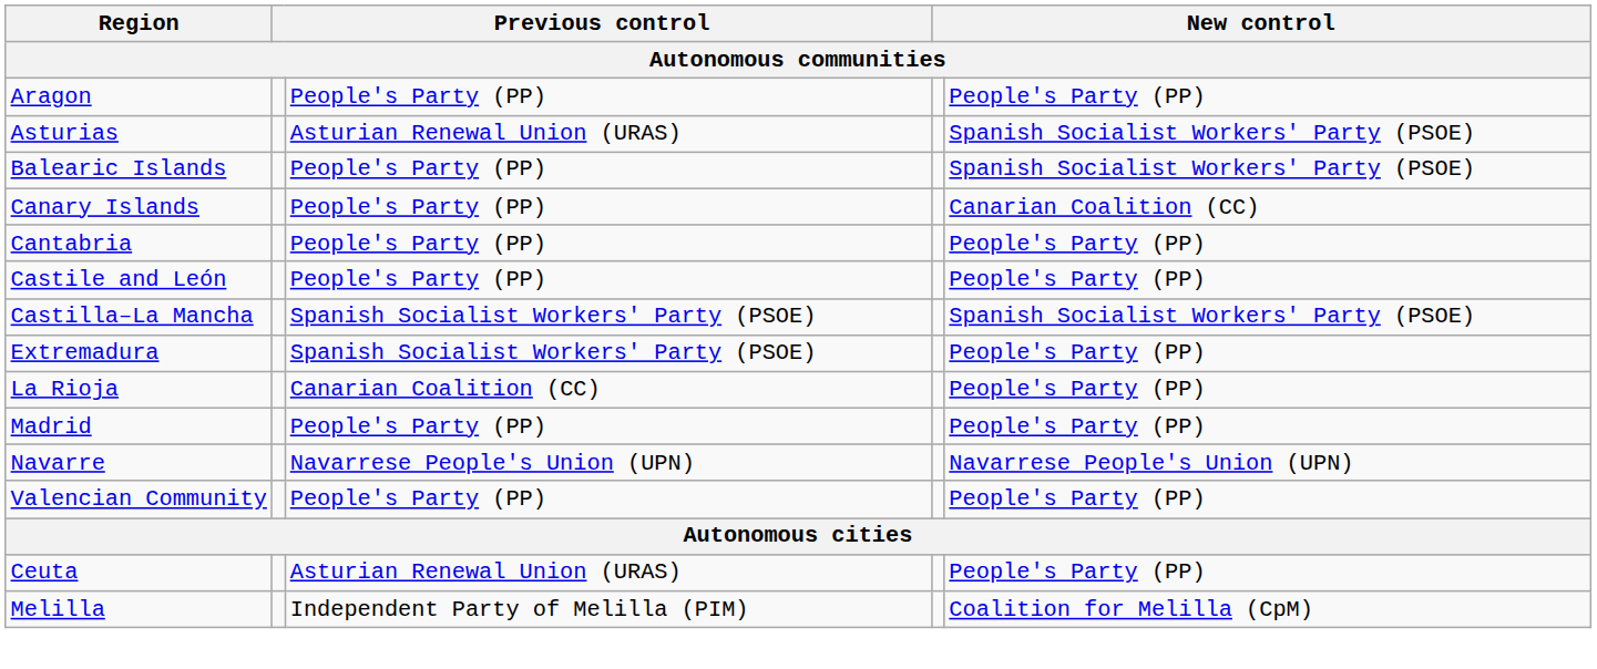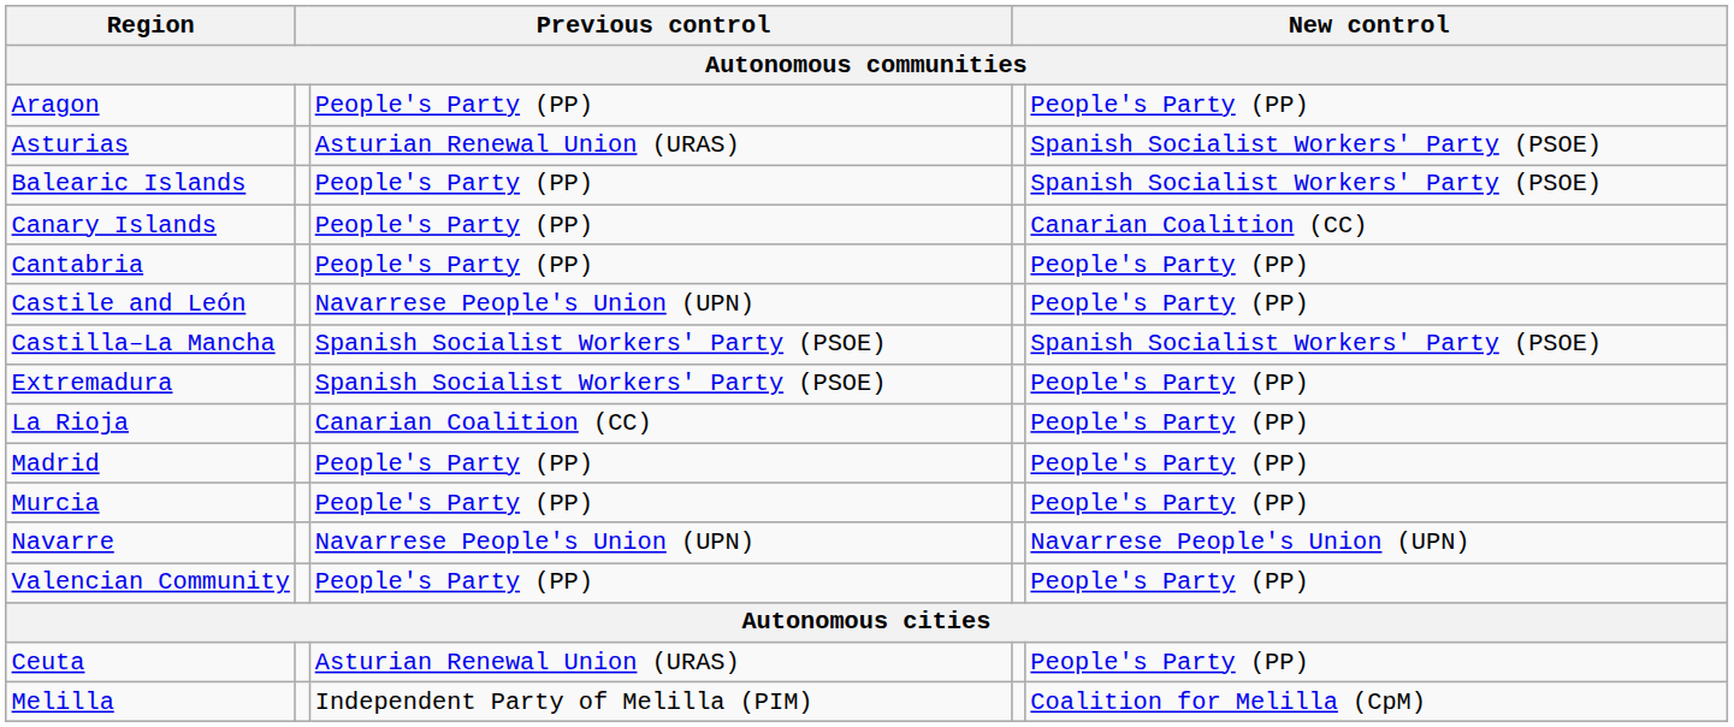 <table class="wikitable">
 <tr>
 <th>Region</th>
 <th colspan="2" style="width:375px;">Previous control</th>
 <th colspan="2" style="width:375px;">New control</th>
 </tr>
 <tr>
 <th colspan="5">Autonomous communities</th>
 </tr>
 <tr>
 <td><a href='#'>Aragon</a></td>
 <td width="1" style="color:inherit;background:"></td>
 <td><a href='#'>People's Party</a> (PP)</td>
 <td width="1" style="color:inherit;background:"></td>
 <td><a href='#'>People's Party</a> (PP)</td>
 </tr>
 <tr>
 <td><a href='#'>Asturias</a></td>
 <td style="color:inherit;background:"></td>
 <td><a href='#'>Asturian Renewal Union</a> (URAS)</td>
 <td style="color:inherit;background:"></td>
 <td><a href='#'>Spanish Socialist Workers' Party</a> (PSOE)</td>
 </tr>
 <tr>
 <td><a href='#'>Balearic Islands</a></td>
 <td style="color:inherit;background:"></td>
 <td><a href='#'>People's Party</a> (PP)</td>
 <td style="color:inherit;background:"></td>
 <td><a href='#'>Spanish Socialist Workers' Party</a> (PSOE)</td>
 </tr>
 <tr>
 <td><a href='#'>Canary Islands</a></td>
 <td style="color:inherit;background:"></td>
 <td><a href='#'>People's Party</a> (PP)</td>
 <td style="color:inherit;background:"></td>
 <td><a href='#'>Canarian Coalition</a> (CC)</td>
 </tr>
 <tr>
 <td><a href='#'>Cantabria</a></td>
 <td style="color:inherit;background:"></td>
 <td><a href='#'>People's Party</a> (PP)</td>
 <td style="color:inherit;background:"></td>
 <td><a href='#'>People's Party</a> (PP)</td>
 </tr>
 <tr>
 <td><a href='#'>Castile and León</a></td>
 <td style="color:inherit;background:"></td>
-<td><a href='#'>People's Party</a> (PP)</td>
+<td><a href='#'>Navarrese People's Union</a> (UPN)</td>
 <td style="color:inherit;background:"></td>
 <td><a href='#'>People's Party</a> (PP)</td>
 </tr>
 <tr>
 <td><a href='#'>Castilla–La Mancha</a></td>
 <td style="color:inherit;background:"></td>
 <td><a href='#'>Spanish Socialist Workers' Party</a> (PSOE)</td>
 <td style="color:inherit;background:"></td>
 <td><a href='#'>Spanish Socialist Workers' Party</a> (PSOE)</td>
 </tr>
 <tr>
 <td><a href='#'>Extremadura</a></td>
 <td style="color:inherit;background:"></td>
 <td><a href='#'>Spanish Socialist Workers' Party</a> (PSOE)</td>
 <td style="color:inherit;background:"></td>
 <td><a href='#'>People's Party</a> (PP)</td>
 </tr>
 <tr>
 <td><a href='#'>La Rioja</a></td>
 <td style="color:inherit;background:"></td>
 <td><a href='#'>Canarian Coalition</a> (CC)</td>
 <td style="color:inherit;background:"></td>
 <td><a href='#'>People's Party</a> (PP)</td>
 </tr>
 <tr>
 <td><a href='#'>Madrid</a></td>
+<td style="color:inherit;background:"></td>
+<td><a href='#'>People's Party</a> (PP)</td>
+<td style="color:inherit;background:"></td>
+<td><a href='#'>People's Party</a> (PP)</td>
+</tr>
+<tr>
+<td><a href='#'>Murcia</a></td>
 <td style="color:inherit;background:"></td>
 <td><a href='#'>People's Party</a> (PP)</td>
 <td style="color:inherit;background:"></td>
 <td><a href='#'>People's Party</a> (PP)</td>
 </tr>
 <tr>
 <td><a href='#'>Navarre</a></td>
 <td style="color:inherit;background:"></td>
 <td><a href='#'>Navarrese People's Union</a> (UPN)</td>
 <td style="color:inherit;background:"></td>
 <td><a href='#'>Navarrese People's Union</a> (UPN)</td>
 </tr>
 <tr>
 <td><a href='#'>Valencian Community</a></td>
 <td style="color:inherit;background:"></td>
 <td><a href='#'>People's Party</a> (PP)</td>
 <td style="color:inherit;background:"></td>
 <td><a href='#'>People's Party</a> (PP)</td>
 </tr>
 <tr>
 <th colspan="5">Autonomous cities</th>
 </tr>
 <tr>
 <td><a href='#'>Ceuta</a></td>
 <td style="color:inherit;background:"></td>
 <td><a href='#'>Asturian Renewal Union</a> (URAS)</td>
 <td style="color:inherit;background:"></td>
 <td><a href='#'>People's Party</a> (PP) </td>
 </tr>
 <tr>
 <td><a href='#'>Melilla</a></td>
 <td style="color:inherit;background:"></td>
 <td>Independent Party of Melilla (PIM)</td>
 <td style="color:inherit;background:"></td>
 <td><a href='#'>Coalition for Melilla</a> (CpM) </td>
 </tr>
 </table>
